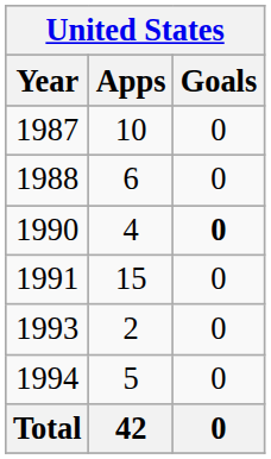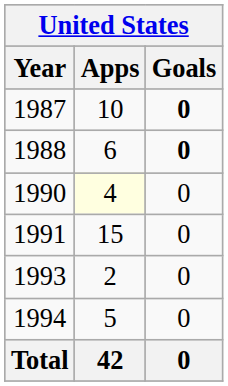 <table class="wikitable" style="text-align:center">
 <tr>
 <th colspan=3><a href='#'>United States</a></th>
 </tr>
 <tr>
 <th>Year</th>
 <th>Apps</th>
 <th>Goals</th>
 </tr>
 <tr>
 <td>1987</td>
 <td>10</td>
-<td>0</td>
+<td><strong>0</strong></td>
 </tr>
 <tr>
 <td>1988</td>
 <td>6</td>
-<td>0</td>
+<td><strong>0</strong></td>
 </tr>
 <tr>
 <td>1990</td>
-<td>4</td>
-<td><strong>0</strong></td>
+<td style="background: lightyellow;">4</td>
+<td>0</td>
 </tr>
 <tr>
 <td>1991</td>
 <td>15</td>
 <td>0</td>
 </tr>
 <tr>
 <td>1993</td>
 <td>2</td>
 <td>0</td>
 </tr>
 <tr>
 <td>1994</td>
 <td>5</td>
 <td>0</td>
 </tr>
 <tr>
 <th>Total</th>
 <th>42</th>
 <th>0</th>
 </tr>
 </table>
